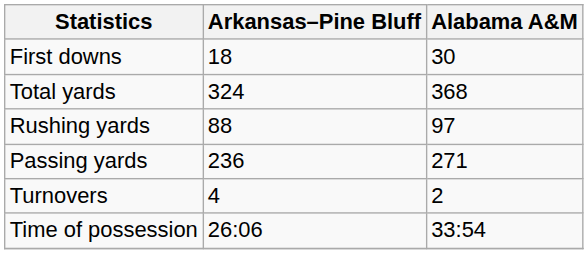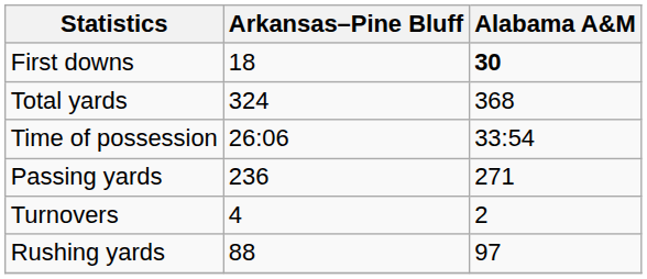 <table class="wikitable">
 <tr>
 <th>Statistics</th>
 <th>Arkansas–Pine Bluff</th>
 <th>Alabama A&M</th>
 </tr>
 <tr>
 <td>First downs</td>
 <td>18</td>
-<td>30</td>
+<td><strong>30</strong></td>
 </tr>
 <tr>
 <td>Total yards</td>
 <td>324</td>
 <td>368</td>
 </tr>
 <tr>
-<td>Rushing yards</td>
-<td>88</td>
-<td>97</td>
+<td>Time of possession</td>
+<td>26:06</td>
+<td>33:54</td>
 </tr>
 <tr>
 <td>Passing yards</td>
 <td>236</td>
 <td>271</td>
 </tr>
 <tr>
 <td>Turnovers</td>
 <td>4</td>
 <td>2</td>
 </tr>
 <tr>
-<td>Time of possession</td>
-<td>26:06</td>
-<td>33:54</td>
+<td>Rushing yards</td>
+<td>88</td>
+<td>97</td>
 </tr>
 <tr>
 </tr>
 </table>
